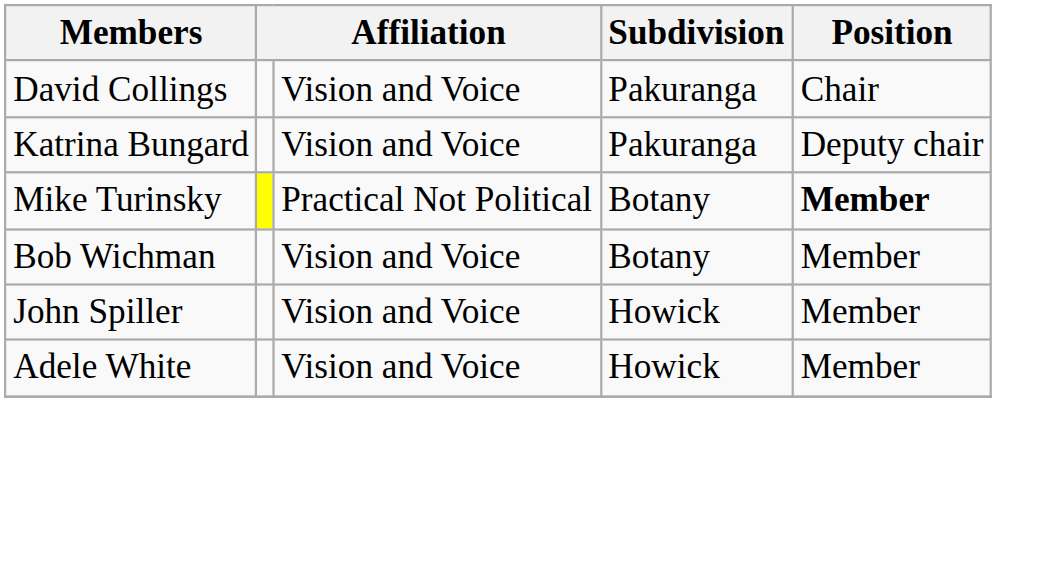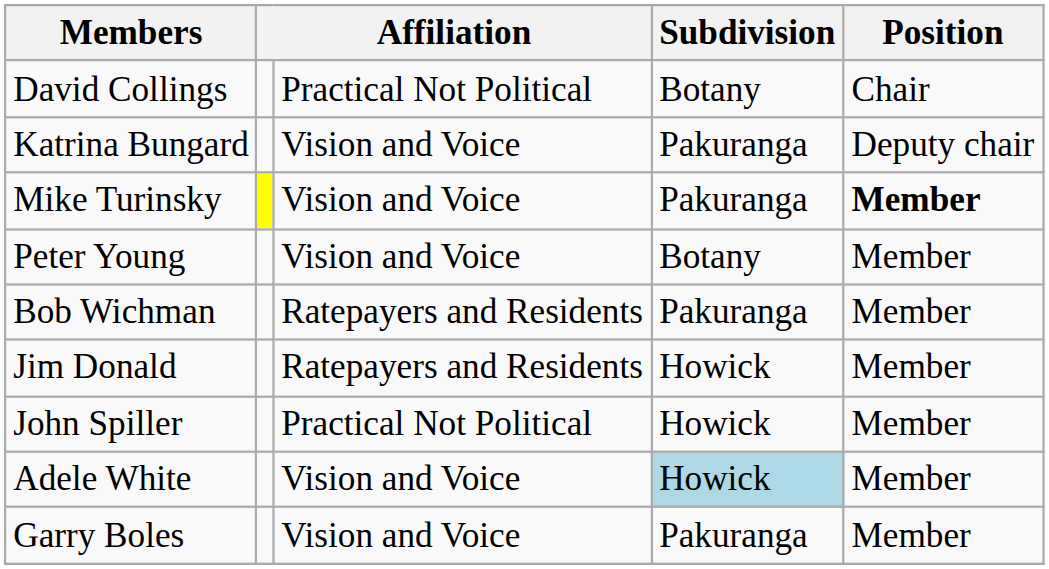 <table class="wikitable sortable">
 <tr>
 <th>Members</th>
 <th colspan=2>Affiliation</th>
 <th>Subdivision</th>
 <th>Position</th>
 </tr>
 <tr>
 <td>David Collings</td>
 <td></td>
-<td>Vision and Voice</td>
-<td>Pakuranga</td>
+<td>Practical Not Political</td>
+<td>Botany</td>
 <td>Chair</td>
 </tr>
 <tr>
 <td>Katrina Bungard</td>
 <td></td>
 <td>Vision and Voice</td>
 <td>Pakuranga</td>
 <td>Deputy chair</td>
 </tr>
 <tr>
 <td>Mike Turinsky</td>
 <td style="background-color:yellow"></td>
-<td>Practical Not Political</td>
-<td>Botany</td>
+<td>Vision and Voice</td>
+<td>Pakuranga</td>
 <td><strong>Member</strong></td>
 </tr>
 <tr>
-<td>Bob Wichman</td>
+<td>Peter Young</td>
 <td></td>
 <td>Vision and Voice</td>
 <td>Botany</td>
 <td>Member</td>
 </tr>
 <tr>
+<td>Bob Wichman</td>
+<td></td>
+<td>Ratepayers and Residents</td>
+<td>Pakuranga</td>
+<td>Member</td>
+</tr>
+<tr>
+<td>Jim Donald</td>
+<td style="background-color:"></td>
+<td>Ratepayers and Residents</td>
+<td>Howick</td>
+<td>Member</td>
+</tr>
+<tr>
 <td>John Spiller</td>
 <td></td>
-<td>Vision and Voice</td>
+<td>Practical Not Political</td>
 <td>Howick</td>
 <td>Member</td>
 </tr>
 <tr>
 <td>Adele White</td>
 <td></td>
 <td>Vision and Voice</td>
-<td>Howick</td>
+<td style="background: lightblue;">Howick</td>
+<td>Member</td>
+</tr>
+<tr>
+<td>Garry Boles</td>
+<td></td>
+<td>Vision and Voice</td>
+<td>Pakuranga</td>
 <td>Member</td>
 </tr>
 <tr>
 </tr>
 </table>
